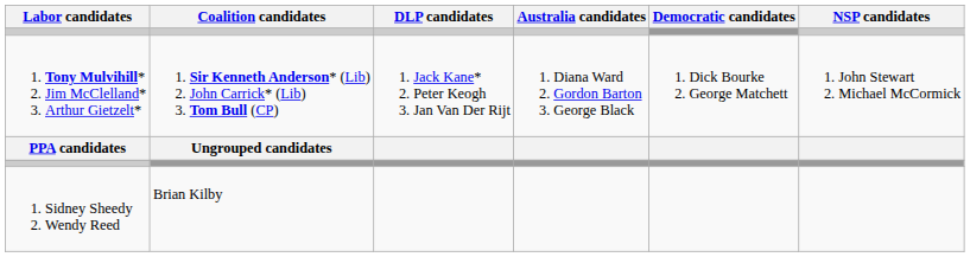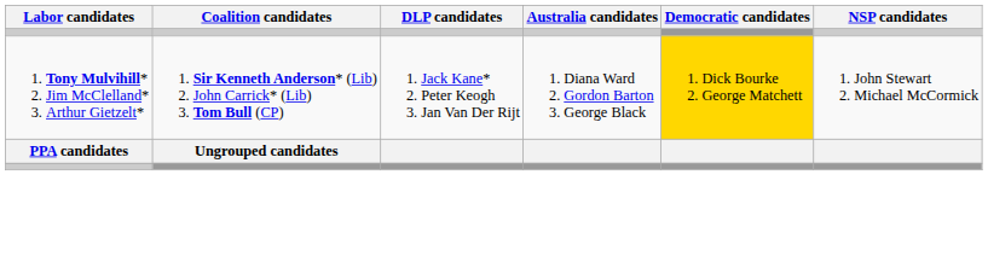 <table class="wikitable">
 <tr>
 <th><a href='#'>Labor</a> candidates</th>
 <th><a href='#'>Coalition</a> candidates</th>
 <th><a href='#'>DLP</a> candidates</th>
 <th><a href='#'>Australia</a> candidates</th>
 <th><a href='#'>Democratic</a> candidates</th>
 <th><a href='#'>NSP</a> candidates</th>
 </tr>
 <tr bgcolor="#cccccc">
 <td></td>
 <td></td>
 <td></td>
 <td></td>
 <td bgcolor="#999999"></td>
 <td></td>
 </tr>
 <tr>
 <td><br><ol><li><strong><a href='#'>Tony Mulvihill</a></strong>*</li><li><a href='#'>Jim McClelland</a>*</li><li><a href='#'>Arthur Gietzelt</a>*</li></ol></td>
 <td><br><ol><li><strong><a href='#'>Sir Kenneth Anderson</a></strong>* (<a href='#'>Lib</a>)</li><li><a href='#'>John Carrick</a>* (<a href='#'>Lib</a>)</li><li><strong><a href='#'>Tom Bull</a></strong> (<a href='#'>CP</a>)</li></ol></td>
 <td><br><ol><li><a href='#'>Jack Kane</a>*</li><li>Peter Keogh</li><li>Jan Van Der Rijt</li></ol></td>
 <td valign=top><br><ol><li>Diana Ward</li><li><a href='#'>Gordon Barton</a></li><li>George Black</li></ol></td>
-<td valign=top><br><ol><li>Dick Bourke</li><li>George Matchett</li></ol></td>
+<td valign=top style="background: gold;"><br><ol><li>Dick Bourke</li><li>George Matchett</li></ol></td>
 <td valign=top><br><ol><li>John Stewart</li><li>Michael McCormick</li></ol></td>
 </tr>
 <tr bgcolor="#cccccc">
 <th><a href='#'>PPA</a> candidates</th>
 <th>Ungrouped candidates</th>
 <th></th>
 <th></th>
 <th></th>
 <th></th>
 </tr>
 <tr bgcolor="#cccccc">
 <td></td>
 <td bgcolor="#999999"></td>
 <td bgcolor="#999999"></td>
 <td bgcolor="#999999"></td>
 <td bgcolor="#999999"></td>
 <td bgcolor="#999999"></td>
 </tr>
-<tr>
-<td valign=top><br><ol><li>Sidney Sheedy</li><li>Wendy Reed</li></ol></td>
-<td valign=top><br>Brian Kilby</td>
-<td valign=top></td>
-<td valign=top></td>
-<td valign=top></td>
-<td valign=top></td>
-</tr>
 </table>
